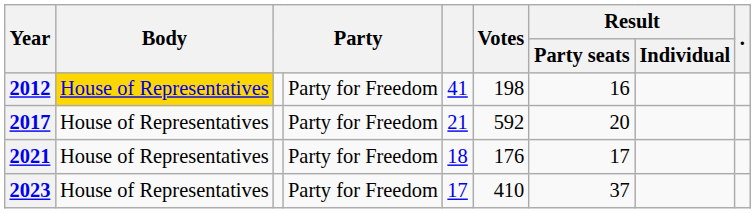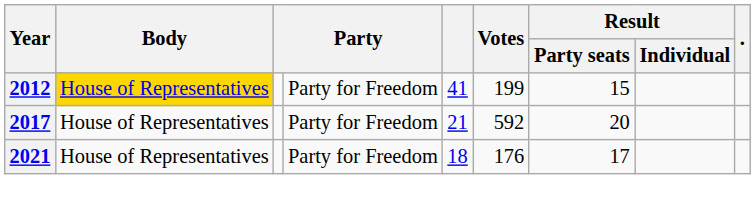 <table class="wikitable plainrowheaders sortable" border=2 cellpadding=4 cellspacing=0 style="border: 1px #aaa solid; font-size: 90%; text-align:center;">
 <tr>
 <th scope="col" rowspan=2>Year</th>
 <th scope="col" rowspan=2>Body</th>
 <th scope="col" colspan=2 rowspan=2>Party</th>
 <th scope="col" rowspan=2></th>
 <th scope="col" rowspan=2>Votes</th>
 <th scope="colgroup" colspan=2>Result</th>
 <th scope="col" rowspan=2 class="unsortable">.</th>
 </tr>
 <tr>
 <th scope="col">Party seats</th>
 <th scope="col">Individual</th>
 </tr>
 <tr>
 <th scope="row"><a href='#'>2012</a></th>
 <td style="background: gold;"><a href='#'>House of Representatives</a></td>
 <td style="background-color:"></td>
 <td>Party for Freedom</td>
 <td style=text-align:right><a href='#'>41</a></td>
-<td style=text-align:right>198</td>
-<td style=text-align:right>16</td>
+<td style=text-align:right>199</td>
+<td style=text-align:right>15</td>
 <td></td>
 <td></td>
 </tr>
 <tr>
 <th scope="row"><a href='#'>2017</a></th>
 <td>House of Representatives</td>
 <td style="background-color:"></td>
 <td>Party for Freedom</td>
 <td style=text-align:right><a href='#'>21</a></td>
 <td style=text-align:right>592</td>
 <td style=text-align:right>20</td>
 <td></td>
 <td></td>
 </tr>
 <tr>
 <th scope="row"><a href='#'>2021</a></th>
 <td>House of Representatives</td>
 <td style="background-color:"></td>
 <td>Party for Freedom</td>
 <td style=text-align:right><a href='#'>18</a></td>
 <td style=text-align:right>176</td>
 <td style=text-align:right>17</td>
 <td></td>
 <td></td>
 </tr>
-<tr>
-<th scope="row"><a href='#'>2023</a></th>
-<td>House of Representatives</td>
-<td style="background-color:"></td>
-<td>Party for Freedom</td>
-<td style=text-align:right><a href='#'>17</a></td>
-<td style=text-align:right>410</td>
-<td style=text-align:right>37</td>
-<td></td>
-<td></td>
-</tr>
 </table>
